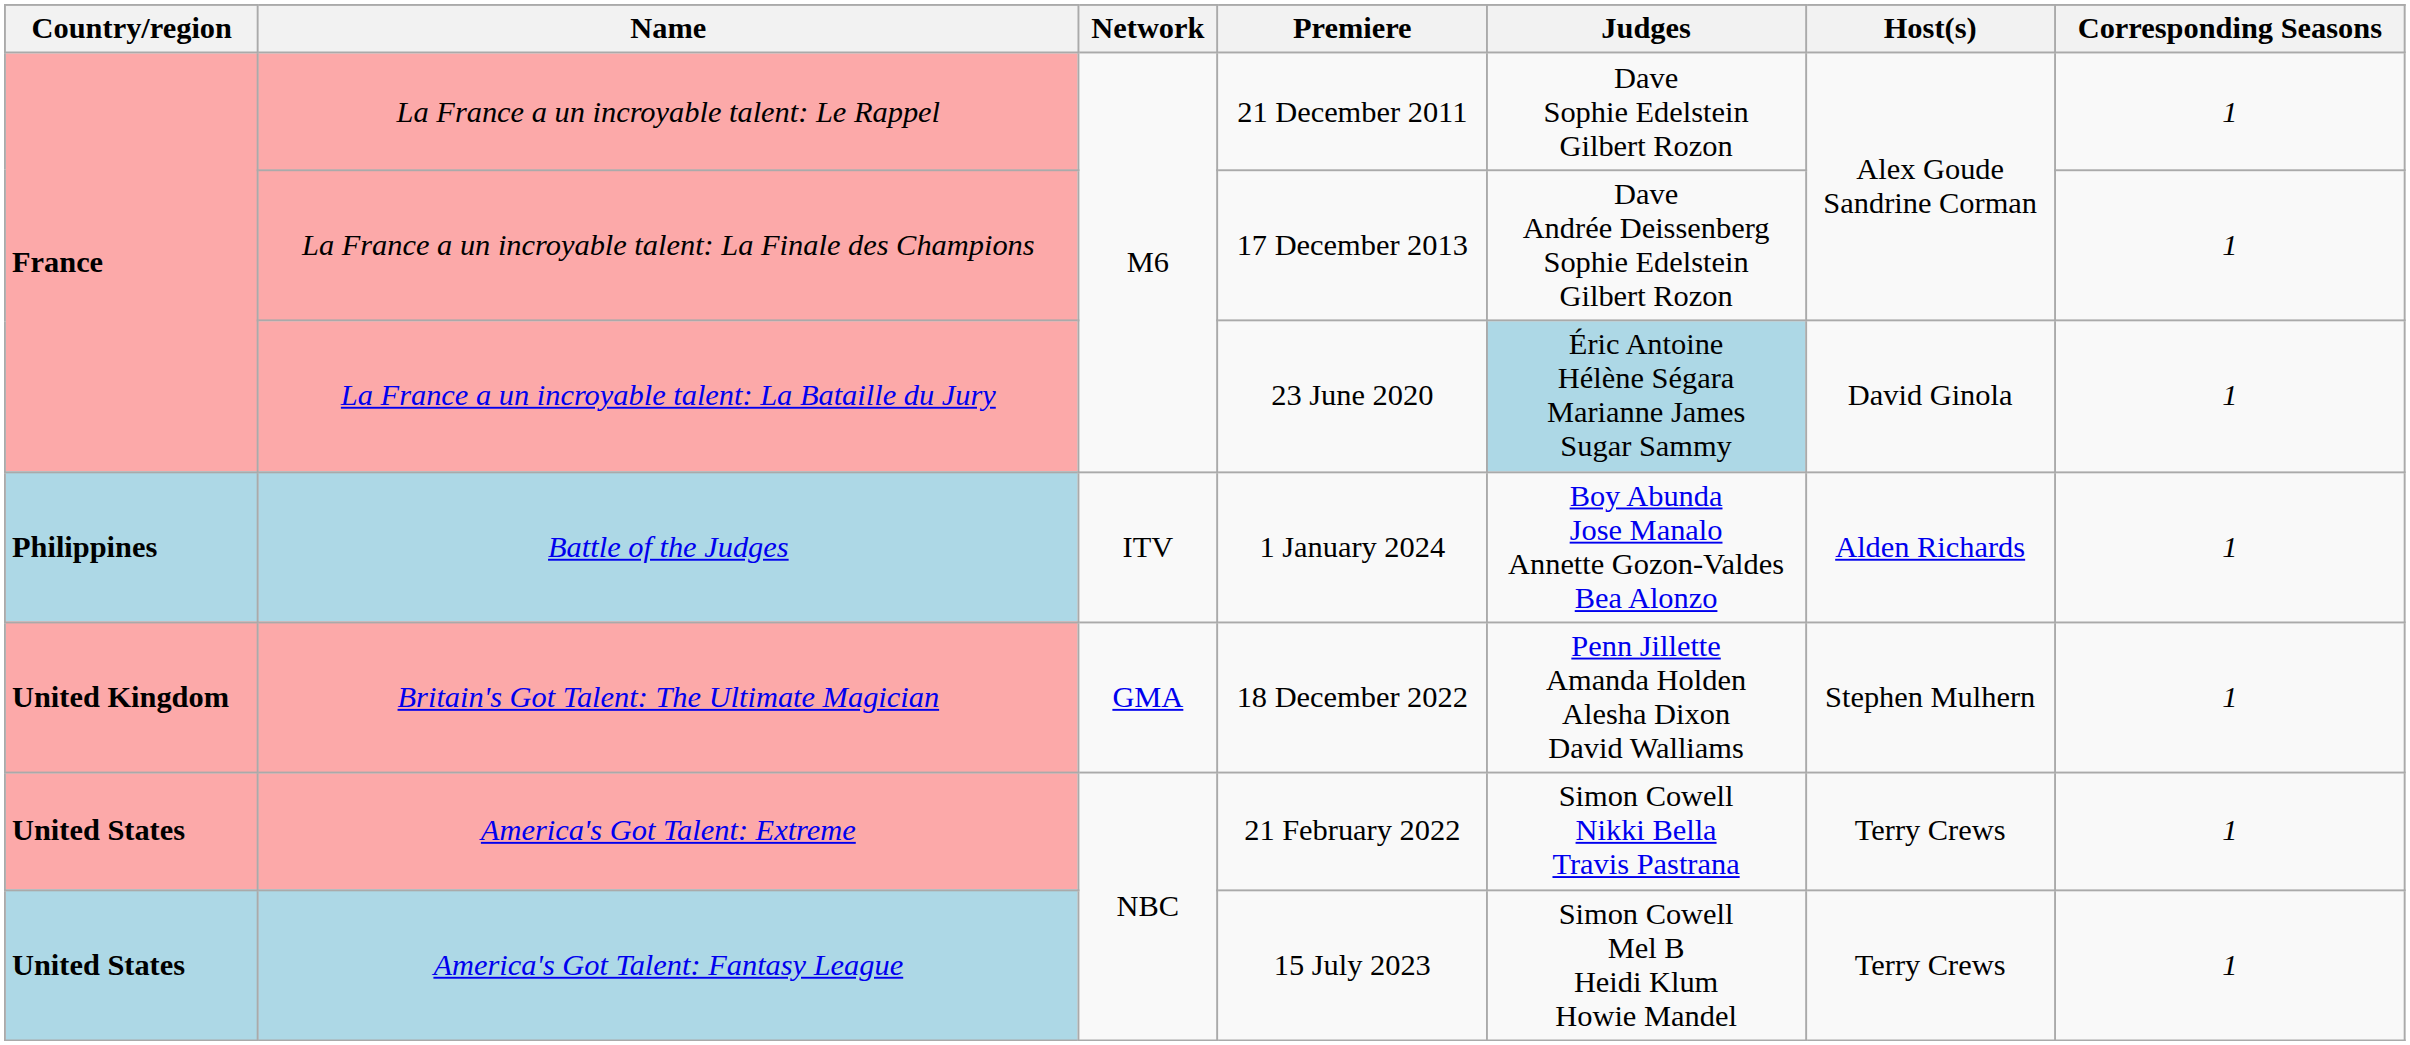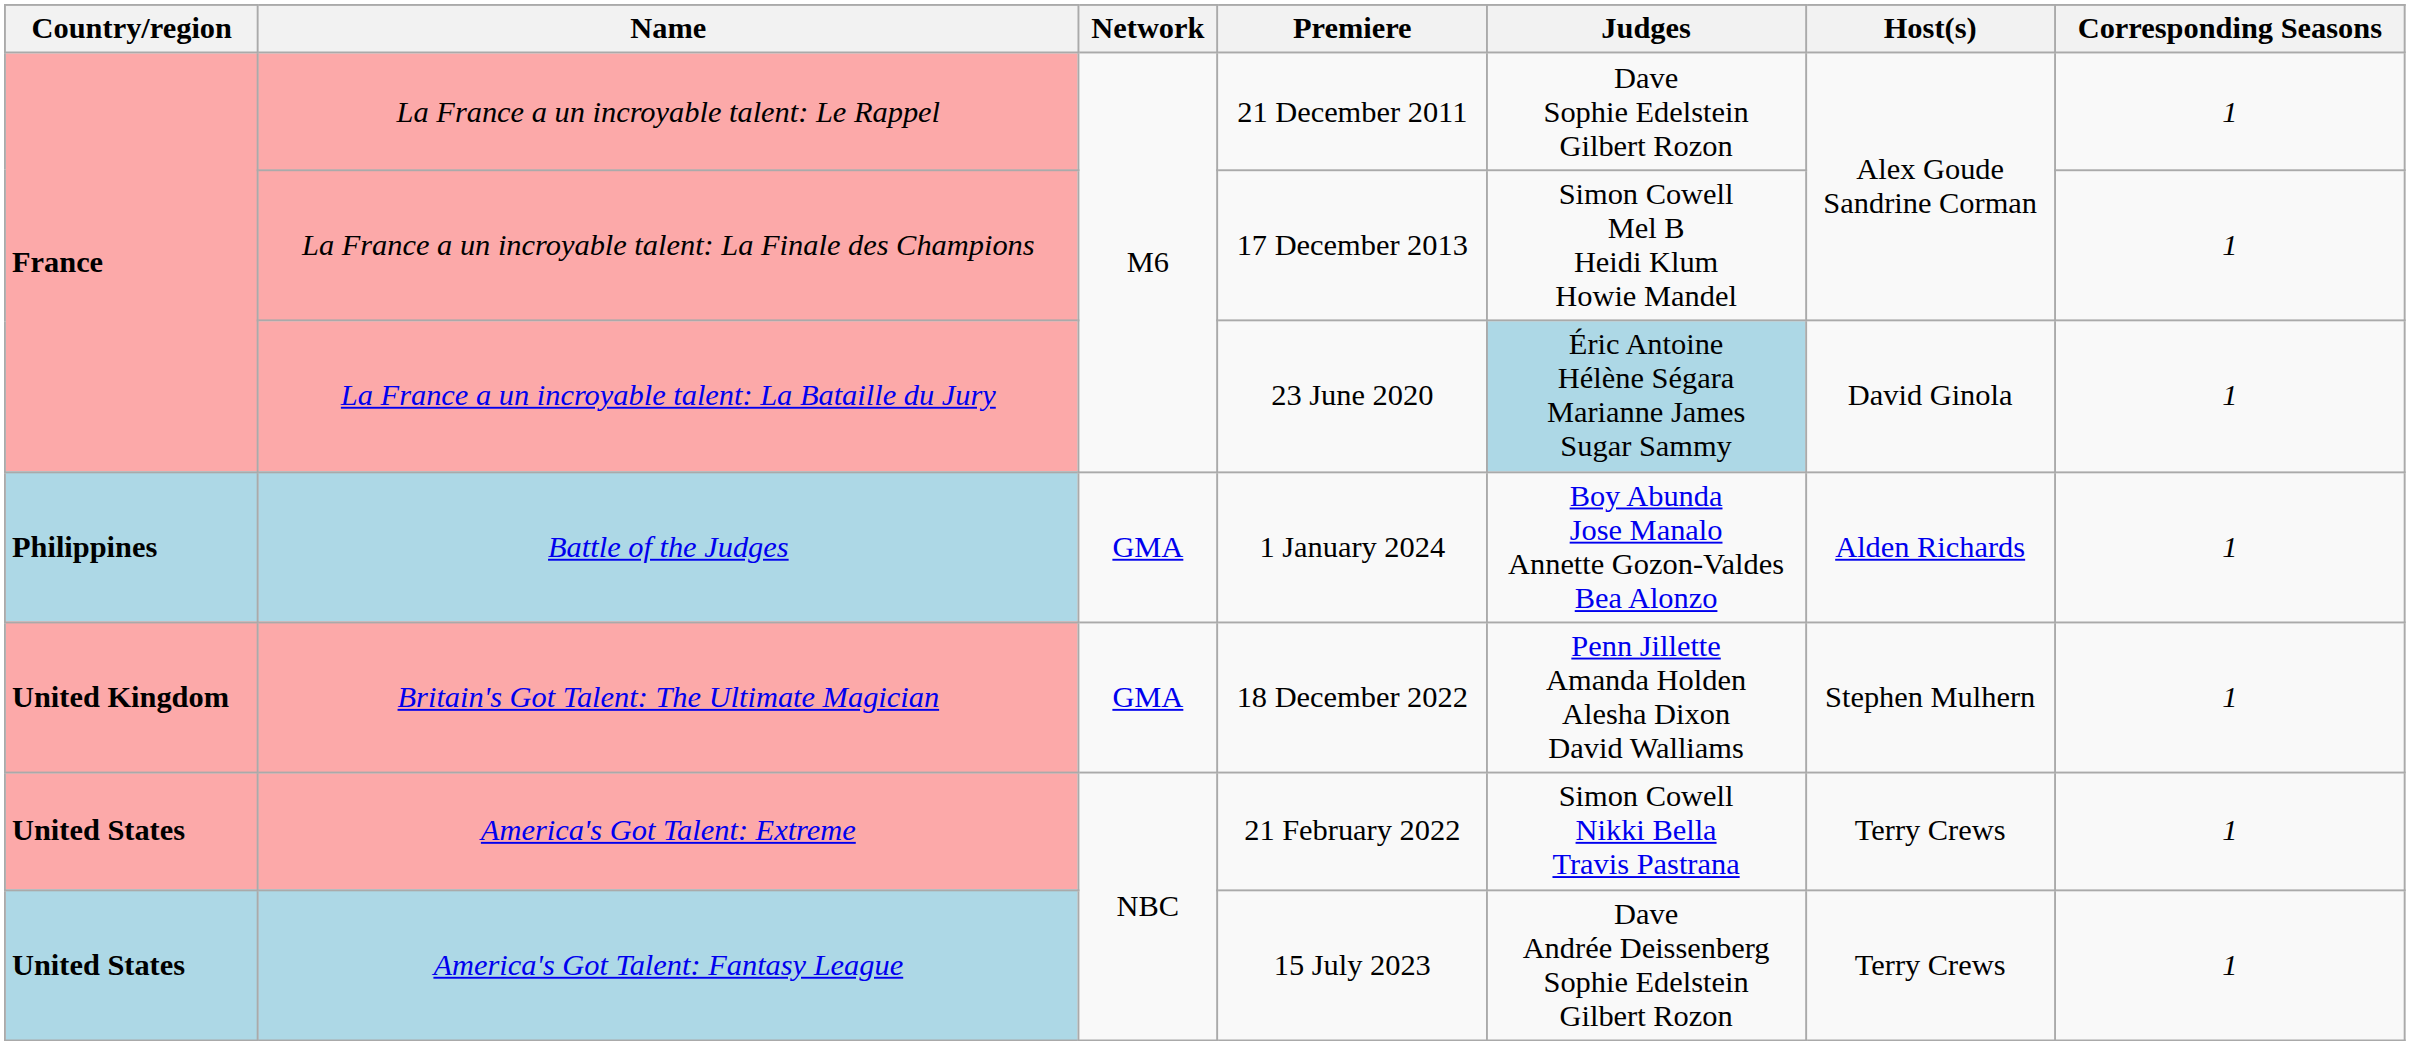 <table class="wikitable"  style="text-align:center; line-height:18px; width:100%;">
 <tr>
 <th>Country/region</th>
 <th>Name</th>
 <th>Network</th>
 <th>Premiere</th>
 <th>Judges</th>
 <th>Host(s)</th>
 <th>Corresponding Seasons</th>
 </tr>
 <tr>
 <td style="background:#fca9a9; text-align:left;" rowspan="3"><strong>France</strong></td>
 <td style="background:#fca9a9;"><em>La France a un incroyable talent: Le Rappel</em></td>
 <td rowspan="3">M6</td>
 <td>21 December 2011</td>
 <td>Dave <br>Sophie Edelstein<br>Gilbert Rozon</td>
 <td rowspan="2">Alex Goude<br>Sandrine Corman</td>
 <td><em>1</em></td>
 </tr>
 <tr>
 <td style="background:#fca9a9;"><em>La France a un incroyable talent: La Finale des Champions</em></td>
 <td>17 December 2013</td>
-<td>Dave <br>Andrée Deissenberg<br>Sophie Edelstein<br>Gilbert Rozon</td>
+<td>Simon Cowell<br>Mel B<br>Heidi Klum<br>Howie Mandel</td>
 <td><em>1</em></td>
 </tr>
 <tr>
 <td style="background:#fca9a9;"><em><a href='#'>La France a un incroyable talent: La Bataille du Jury</a></em></td>
 <td>23 June 2020</td>
 <td style="background: lightblue;">Éric Antoine<br>Hélène Ségara<br>Marianne James<br>Sugar Sammy</td>
 <td>David Ginola</td>
 <td><em>1</em></td>
 </tr>
 <tr>
 <td style="background:#ADD8E6; text-align:left;"><strong>Philippines</strong></td>
 <td style="background:#ADD8E6;"><em><a href='#'>Battle of the Judges</a></em></td>
-<td>ITV</td>
+<td><a href='#'>GMA</a></td>
 <td>1 January 2024</td>
 <td><a href='#'>Boy Abunda</a><br><a href='#'>Jose Manalo</a><br>Annette Gozon-Valdes<br><a href='#'>Bea Alonzo</a></td>
 <td><a href='#'>Alden Richards</a></td>
 <td><em>1</em></td>
 </tr>
 <tr>
 <td style="background: #fca9a9; text-align:left;"><strong>United Kingdom</strong></td>
 <td style="background: #fca9a9;"><em><a href='#'>Britain's Got Talent: The Ultimate Magician</a></em></td>
 <td><a href='#'>GMA</a></td>
 <td>18 December 2022</td>
 <td><a href='#'>Penn Jillette</a><br>Amanda Holden<br>Alesha Dixon<br>David Walliams</td>
 <td>Stephen Mulhern</td>
 <td><em>1</em></td>
 </tr>
 <tr>
 <td style="background: #FCA9A9; text-align:left;" rowspan="1"><strong>United States</strong></td>
 <td style="background: #FCA9A9;"><em><a href='#'>America's Got Talent: Extreme</a></em></td>
 <td rowspan="2">NBC</td>
 <td>21 February 2022</td>
 <td>Simon Cowell<br><a href='#'>Nikki Bella</a><br><a href='#'>Travis Pastrana</a></td>
 <td>Terry Crews</td>
 <td><em>1</em></td>
 </tr>
 <tr>
 <td style="background:#ADD8E6; text-align:left;"><strong>United States</strong></td>
 <td style="background:#ADD8E6;"><em><a href='#'>America's Got Talent: Fantasy League</a></em></td>
 <td>15 July 2023</td>
-<td>Simon Cowell<br>Mel B<br>Heidi Klum<br>Howie Mandel</td>
+<td>Dave <br>Andrée Deissenberg<br>Sophie Edelstein<br>Gilbert Rozon</td>
 <td>Terry Crews </td>
 <td><em>1</em></td>
 </tr>
 </table>
